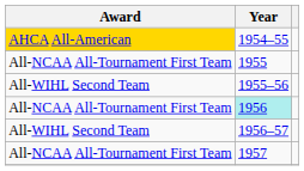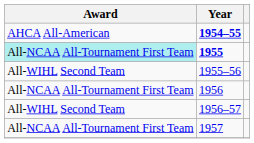 <table class="wikitable">
 <tr>
 <th>Award</th>
 <th>Year</th>
 <th></th>
 </tr>
 <tr>
-<td style="background: gold;"><a href='#'>AHCA</a> <a href='#'>All-American</a></td>
-<td><a href='#'>1954–55</a></td>
+<td><a href='#'>AHCA</a> <a href='#'>All-American</a></td>
+<td><strong><a href='#'>1954–55</a></strong></td>
 <td></td>
 </tr>
 <tr>
-<td>All-<a href='#'>NCAA</a> <a href='#'>All-Tournament First Team</a></td>
-<td><a href='#'>1955</a></td>
+<td style="background: paleturquoise;">All-<a href='#'>NCAA</a> <a href='#'>All-Tournament First Team</a></td>
+<td><strong><a href='#'>1955</a></strong></td>
 <td></td>
 </tr>
 <tr>
 <td>All-<a href='#'>WIHL</a> <a href='#'>Second Team</a></td>
 <td><a href='#'>1955–56</a></td>
 <td></td>
 </tr>
 <tr>
 <td>All-<a href='#'>NCAA</a> <a href='#'>All-Tournament First Team</a></td>
-<td style="background: paleturquoise;"><a href='#'>1956</a></td>
+<td><a href='#'>1956</a></td>
 <td></td>
 </tr>
 <tr>
 <td>All-<a href='#'>WIHL</a> <a href='#'>Second Team</a></td>
 <td><a href='#'>1956–57</a></td>
 <td></td>
 </tr>
 <tr>
 <td>All-<a href='#'>NCAA</a> <a href='#'>All-Tournament First Team</a></td>
 <td><a href='#'>1957</a></td>
 <td></td>
 </tr>
 <tr>
 </tr>
 </table>
